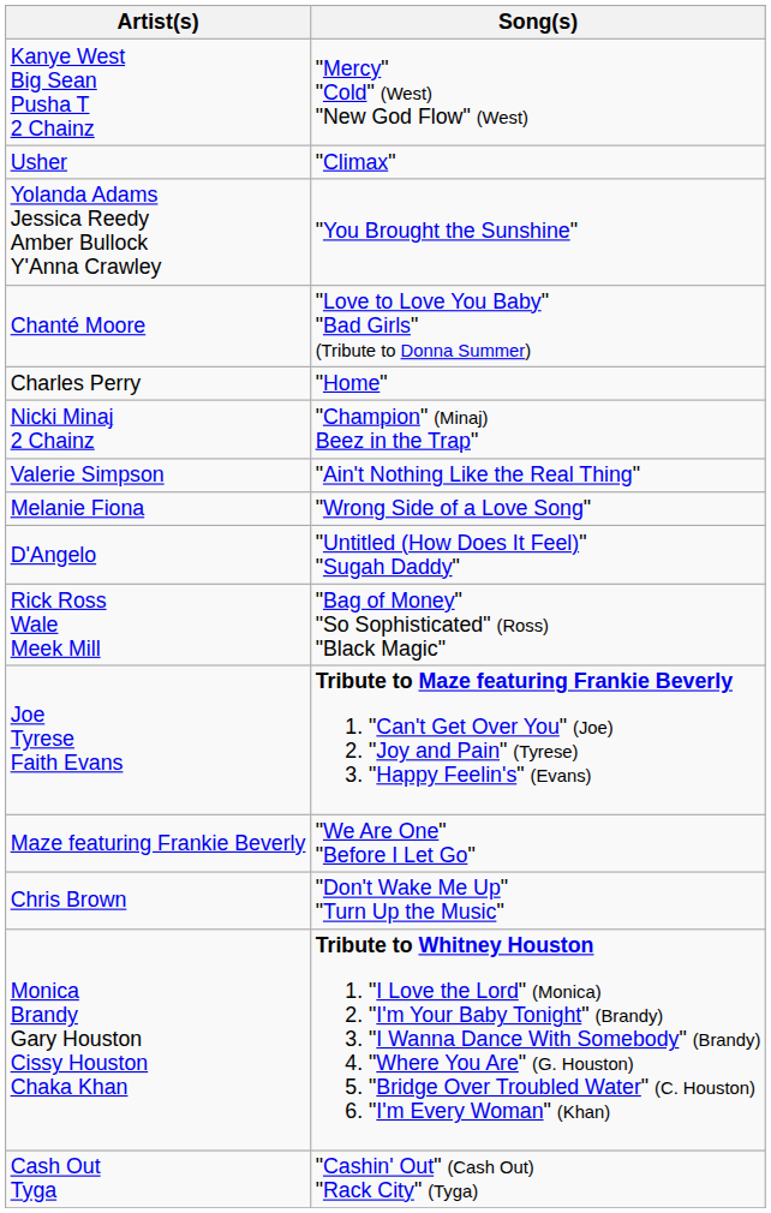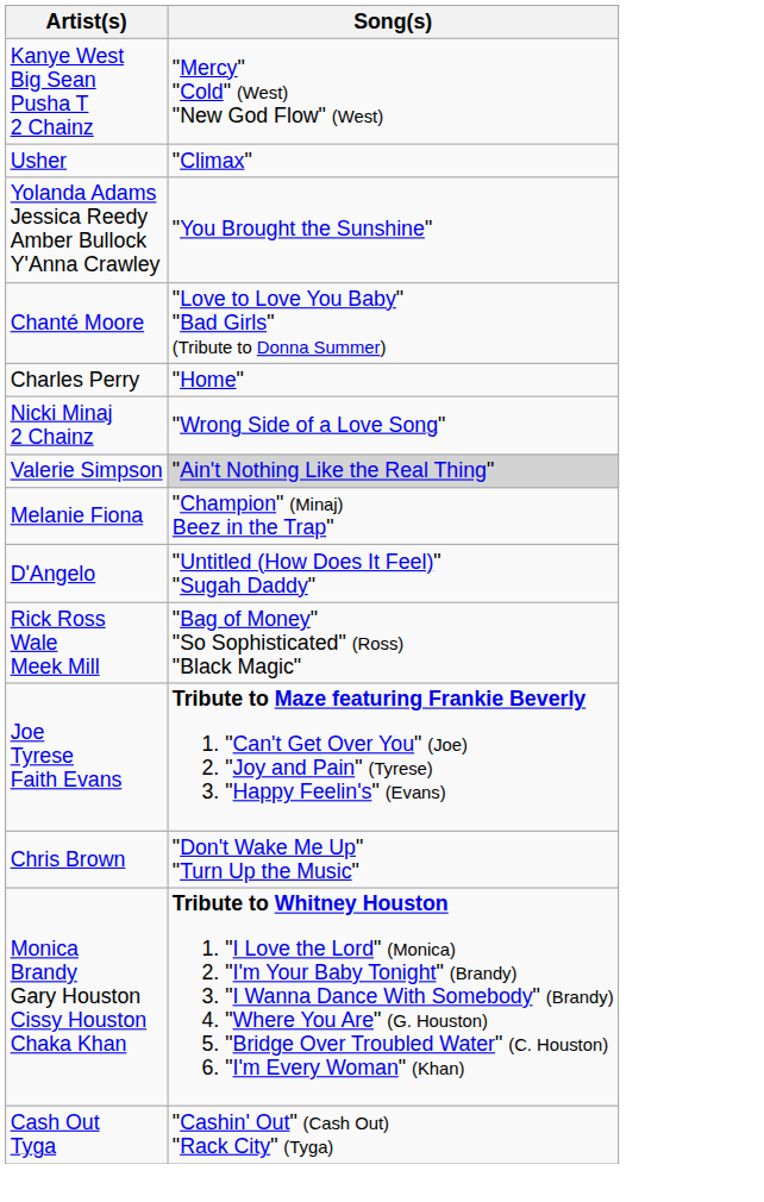 <table class="wikitable">
 <tr>
 <th>Artist(s)</th>
 <th>Song(s)</th>
 </tr>
 <tr>
 <td><a href='#'>Kanye West</a><br><a href='#'>Big Sean</a><br><a href='#'>Pusha T</a><br><a href='#'>2 Chainz</a></td>
 <td>"<a href='#'>Mercy</a>"<br>"<a href='#'>Cold</a>" <small>(West)</small><br>"New God Flow" <small>(West)</small></td>
 </tr>
 <tr>
 <td><a href='#'>Usher</a></td>
 <td>"<a href='#'>Climax</a>"</td>
 </tr>
 <tr>
 <td><a href='#'>Yolanda Adams</a><br>Jessica Reedy<br>Amber Bullock<br>Y'Anna Crawley</td>
 <td>"<a href='#'>You Brought the Sunshine</a>"</td>
 </tr>
 <tr>
 <td><a href='#'>Chanté Moore</a></td>
 <td>"<a href='#'>Love to Love You Baby</a>"<br>"<a href='#'>Bad Girls</a>"<br><small>(Tribute to <a href='#'>Donna Summer</a>)<br></small></td>
 </tr>
 <tr>
 <td>Charles Perry</td>
 <td>"<a href='#'>Home</a>"</td>
 </tr>
 <tr>
 <td><a href='#'>Nicki Minaj</a><br><a href='#'>2 Chainz</a></td>
-<td>"<a href='#'>Champion</a>" <small>(Minaj)</small><br><a href='#'>Beez in the Trap</a>"</td>
+<td>"<a href='#'>Wrong Side of a Love Song</a>"</td>
 </tr>
 <tr>
 <td><a href='#'>Valerie Simpson</a></td>
-<td>"<a href='#'>Ain't Nothing Like the Real Thing</a>"</td>
+<td style="background: lightgrey;">"<a href='#'>Ain't Nothing Like the Real Thing</a>"</td>
 </tr>
 <tr>
 <td><a href='#'>Melanie Fiona</a></td>
-<td>"<a href='#'>Wrong Side of a Love Song</a>"</td>
+<td>"<a href='#'>Champion</a>" <small>(Minaj)</small><br><a href='#'>Beez in the Trap</a>"</td>
 </tr>
 <tr>
 <td><a href='#'>D'Angelo</a></td>
 <td>"<a href='#'>Untitled (How Does It Feel)</a>"<br>"<a href='#'>Sugah Daddy</a>"</td>
 </tr>
 <tr>
 <td><a href='#'>Rick Ross</a><br><a href='#'>Wale</a><br><a href='#'>Meek Mill</a></td>
 <td>"<a href='#'>Bag of Money</a>"<br>"So Sophisticated" <small>(Ross)</small><br>"Black Magic"</td>
 </tr>
 <tr>
 <td><a href='#'>Joe</a><br><a href='#'>Tyrese</a><br><a href='#'>Faith Evans</a></td>
 <td><strong>Tribute to <a href='#'>Maze featuring Frankie Beverly</a></strong><br><ol><li>"<a href='#'>Can't Get Over You</a>" <small>(Joe)</small></li><li>"<a href='#'>Joy and Pain</a>" <small>(Tyrese)</small></li><li>"<a href='#'>Happy Feelin's</a>" <small>(Evans)</small></li></ol></td>
 </tr>
 <tr>
-<td><a href='#'>Maze featuring Frankie Beverly</a></td>
-<td>"<a href='#'>We Are One</a>"<br>"<a href='#'>Before I Let Go</a>"</td>
-</tr>
-<tr>
 <td><a href='#'>Chris Brown</a></td>
 <td>"<a href='#'>Don't Wake Me Up</a>"<br>"<a href='#'>Turn Up the Music</a>"</td>
 </tr>
 <tr>
 <td><a href='#'>Monica</a><br><a href='#'>Brandy</a><br>Gary Houston<br><a href='#'>Cissy Houston</a><br><a href='#'>Chaka Khan</a></td>
 <td><strong>Tribute to <a href='#'>Whitney Houston</a></strong><br><ol><li>"<a href='#'>I Love the Lord</a>" <small>(Monica)</small></li><li>"<a href='#'>I'm Your Baby Tonight</a>" <small>(Brandy)</small></li><li>"<a href='#'>I Wanna Dance With Somebody</a>" <small>(Brandy)</small></li><li>"<a href='#'>Where You Are</a>" <small>(G. Houston)</small></li><li>"<a href='#'>Bridge Over Troubled Water</a>" <small>(C. Houston)</small></li><li>"<a href='#'>I'm Every Woman</a>" <small>(Khan)</small></li></ol></td>
 </tr>
 <tr>
 <td><a href='#'>Cash Out</a><br><a href='#'>Tyga</a></td>
 <td>"<a href='#'>Cashin' Out</a>" <small>(Cash Out)</small><br>"<a href='#'>Rack City</a>" <small>(Tyga)</small></td>
 </tr>
 </table>
